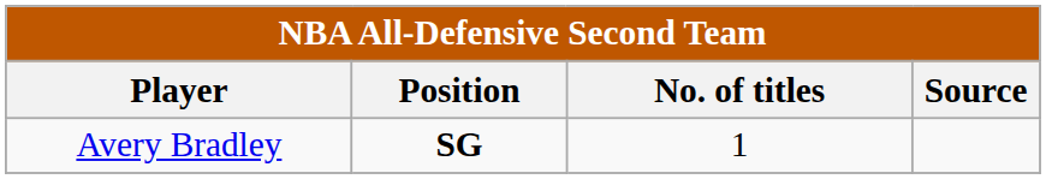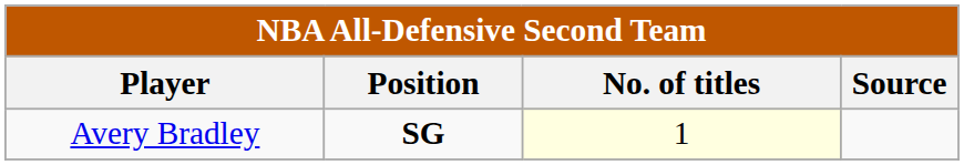 <table class="wikitable" style="text-align:center">
 <tr>
 <td colspan="5" style= "background: #BF5700; color:white"><strong>NBA All-Defensive Second Team</strong></td>
 </tr>
 <tr>
 <th style="width:150px; ">Player</th>
 <th style="width:90px; ">Position</th>
 <th style="width:150px; ">No. of titles</th>
 <th style="width:50px; ">Source</th>
 </tr>
 <tr>
 <td><a href='#'>Avery Bradley</a></td>
 <td><strong>SG</strong></td>
-<td>1</td>
+<td style="background: lightyellow;">1</td>
 <td></td>
 </tr>
 </table>
